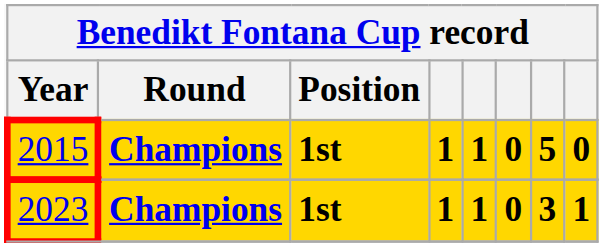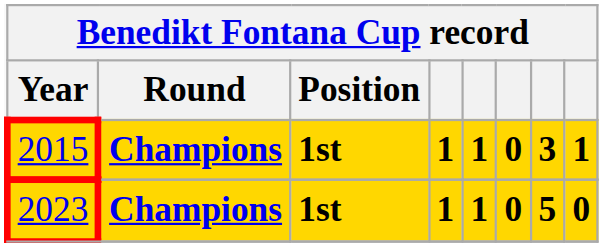 <table class="wikitable" style="text-align:">
 <tr>
 <th colspan=9><a href='#'>Benedikt Fontana Cup</a> record</th>
 </tr>
 <tr>
 <th>Year</th>
 <th>Round</th>
 <th>Position</th>
 <th></th>
 <th></th>
 <th></th>
 <th></th>
 <th></th>
 </tr>
 <tr bgcolor=gold>
 <td style="border: 3px solid red"> <a href='#'>2015</a></td>
 <td><strong><a href='#'>Champions</a></strong></td>
 <td><strong>1st</strong></td>
 <td><strong>1</strong></td>
 <td><strong>1</strong></td>
 <td><strong>0</strong></td>
-<td><strong>5</strong></td>
-<td><strong>0</strong></td>
+<td><strong>3</strong></td>
+<td><strong>1</strong></td>
 </tr>
 <tr>
 </tr>
 <tr bgcolor=gold>
 <td style="border: 3px solid red"> <a href='#'>2023</a></td>
 <td><strong><a href='#'>Champions</a></strong></td>
 <td><strong>1st</strong></td>
 <td><strong>1</strong></td>
 <td><strong>1</strong></td>
 <td><strong>0</strong></td>
-<td><strong>3</strong></td>
-<td><strong>1</strong></td>
+<td><strong>5</strong></td>
+<td><strong>0</strong></td>
 </tr>
 <tr>
 </tr>
 </table>
